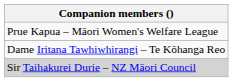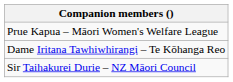 <table class="wikitable">
 <tr>
 <th>Companion members ()</th>
 </tr>
 <tr>
 <td>Prue Kapua – Māori Women's Welfare League</td>
 </tr>
 <tr>
 <td>Dame <a href='#'>Iritana Tawhiwhirangi</a> – Te Kōhanga Reo</td>
 </tr>
 <tr>
-<td style="background: lightgrey;">Sir <a href='#'>Taihakurei Durie</a> – <a href='#'>NZ Māori Council</a></td>
+<td>Sir <a href='#'>Taihakurei Durie</a> – <a href='#'>NZ Māori Council</a></td>
 </tr>
 </table>
